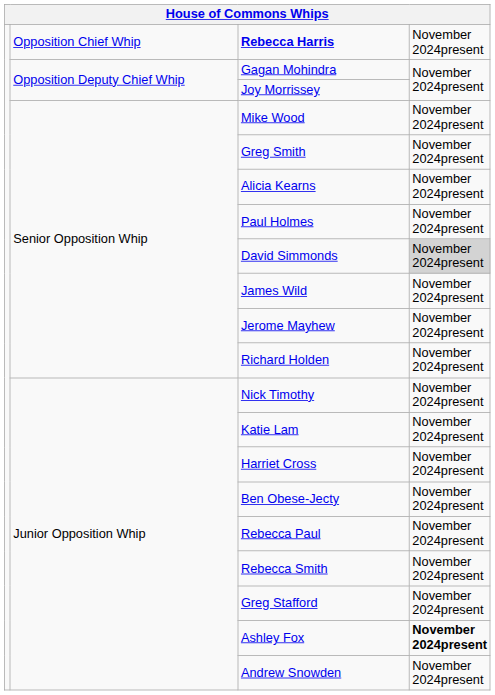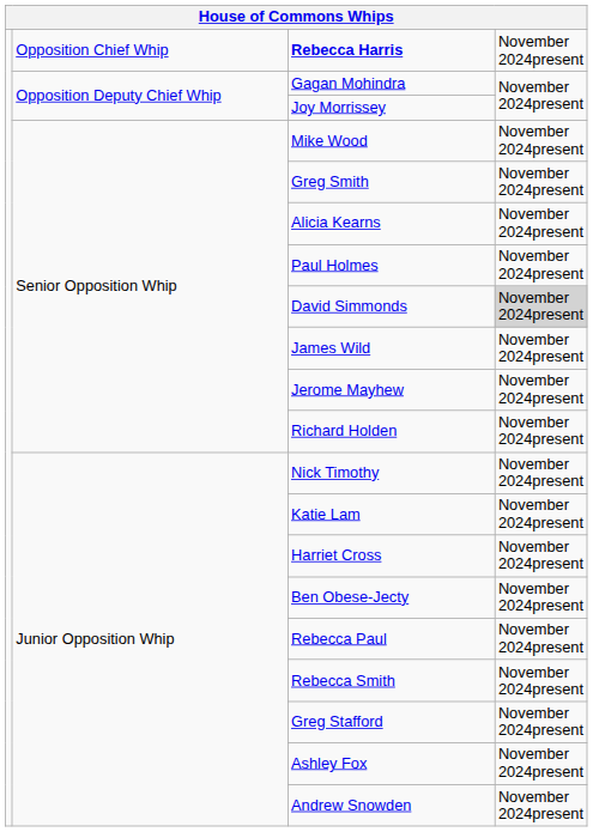 <table class="wikitable">
 <tr>
 <th colspan="4"><a href='#'>House of Commons Whips</a></th>
 </tr>
 <tr>
 <td rowspan="20" style="background: "></td>
 <td style="width: 450px;"><a href='#'>Opposition Chief Whip</a></td>
 <td style="width: 320px;"><strong><a href='#'>Rebecca Harris</a></strong></td>
 <td>November 2024present</td>
 </tr>
 <tr>
 <td rowspan="2"><a href='#'>Opposition Deputy Chief Whip</a></td>
 <td><a href='#'>Gagan Mohindra</a></td>
 <td rowspan="2">November 2024present</td>
 </tr>
 <tr>
 <td><a href='#'>Joy Morrissey</a></td>
 </tr>
 <tr>
 <td rowspan="8">Senior Opposition Whip</td>
 <td><a href='#'>Mike Wood</a></td>
 <td>November 2024present</td>
 </tr>
 <tr>
 <td><a href='#'>Greg Smith</a></td>
 <td>November 2024present</td>
 </tr>
 <tr>
 <td><a href='#'>Alicia Kearns</a></td>
 <td>November 2024present</td>
 </tr>
 <tr>
 <td><a href='#'>Paul Holmes</a></td>
 <td>November 2024present</td>
 </tr>
 <tr>
 <td><a href='#'>David Simmonds</a></td>
 <td style="background: lightgrey;">November 2024present</td>
 </tr>
 <tr>
 <td><a href='#'>James Wild</a></td>
 <td>November 2024present</td>
 </tr>
 <tr>
 <td><a href='#'>Jerome Mayhew</a></td>
 <td>November 2024present</td>
 </tr>
 <tr>
 <td><a href='#'>Richard Holden</a></td>
 <td>November 2024present</td>
 </tr>
 <tr>
 <td rowspan="9">Junior Opposition Whip</td>
 <td><a href='#'>Nick Timothy</a></td>
 <td>November 2024present</td>
 </tr>
 <tr>
 <td><a href='#'>Katie Lam</a></td>
 <td>November 2024present</td>
 </tr>
 <tr>
 <td><a href='#'>Harriet Cross</a></td>
 <td>November 2024present</td>
 </tr>
 <tr>
 <td><a href='#'>Ben Obese-Jecty</a></td>
 <td>November 2024present</td>
 </tr>
 <tr>
 <td><a href='#'>Rebecca Paul</a></td>
 <td>November 2024present</td>
 </tr>
 <tr>
 <td><a href='#'>Rebecca Smith</a></td>
 <td>November 2024present</td>
 </tr>
 <tr>
 <td><a href='#'>Greg Stafford</a></td>
 <td>November 2024present</td>
 </tr>
 <tr>
 <td><a href='#'>Ashley Fox</a></td>
-<td><strong>November 2024present</strong></td>
+<td>November 2024present</td>
 </tr>
 <tr>
 <td><a href='#'>Andrew Snowden</a></td>
 <td>November 2024present</td>
 </tr>
 </table>
